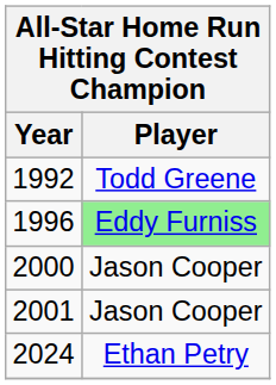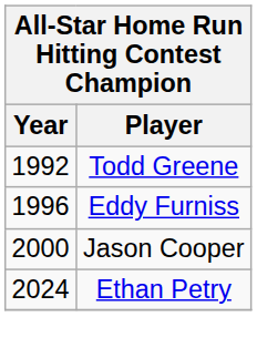 <table class="wikitable" style="display: inline-table; margin-right: 20px; text-align:center">
 <tr>
 <th scope="col" colspan="2" style="width: 145px;">All-Star Home Run Hitting Contest Champion</th>
 </tr>
 <tr>
 <th scope="col">Year</th>
 <th scope="col">Player</th>
 </tr>
 <tr>
 <td>1992</td>
 <td><a href='#'>Todd Greene</a></td>
 </tr>
 <tr>
 <td>1996</td>
-<td style="background: lightgreen;"><a href='#'>Eddy Furniss</a></td>
+<td><a href='#'>Eddy Furniss</a></td>
 </tr>
 <tr>
 <td>2000</td>
-<td>Jason Cooper</td>
-</tr>
-<tr>
-<td>2001</td>
 <td>Jason Cooper</td>
 </tr>
 <tr>
 <td>2024</td>
 <td><a href='#'>Ethan Petry</a></td>
 </tr>
 <tr>
 </tr>
 </table>
